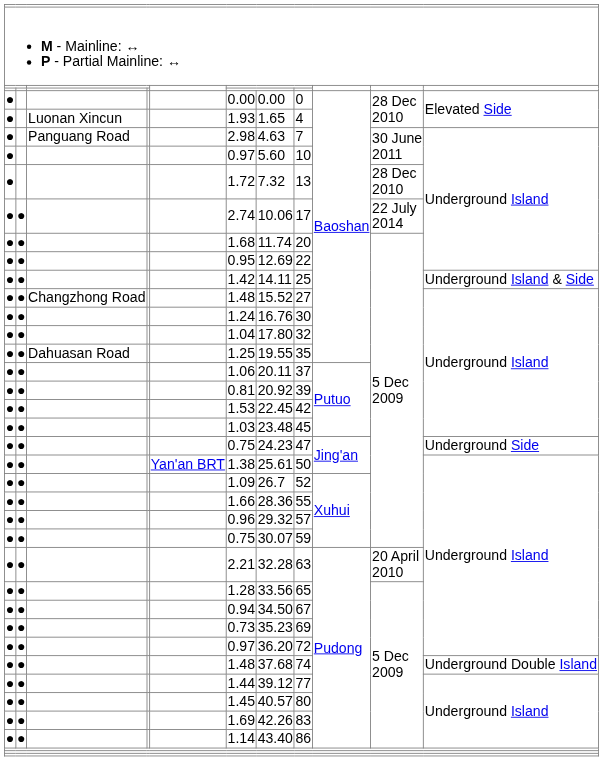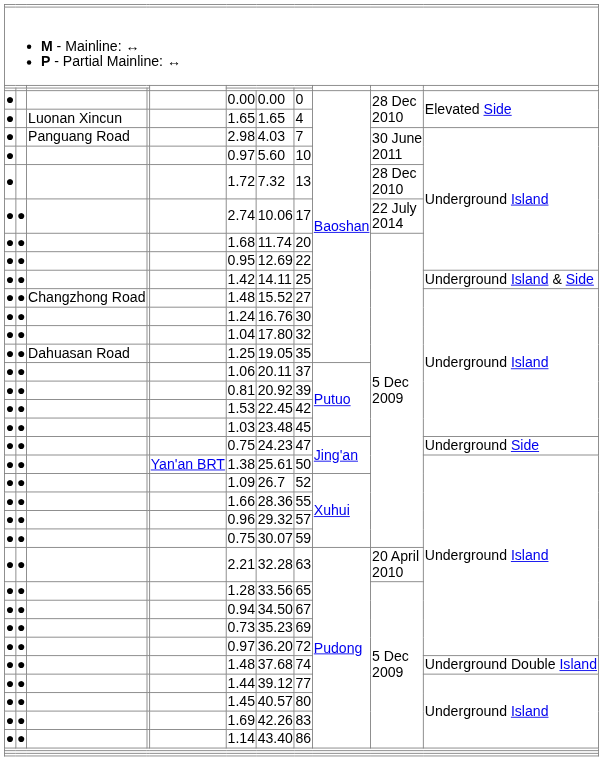 <table border=1 style="border-collapse: collapse;" class="mw-collapsible">
 <tr>
 <th colspan="11" style="text-align: center"></th>
 </tr>
 <tr>
 <td colspan="11" style="text-align: left"><br><ul><li><strong>M</strong> - Mainline:  ↔ </li><li><strong>P</strong> - Partial Mainline:  ↔ </li></ul></td>
 </tr>
 <tr>
 <th rowspan="1" colspan="2"></th>
 <th colspan="2"></th>
 <th rowspan="2"></th>
 <th colspan="3" rowspan="1"></th>
 <th rowspan="2"></th>
 <th rowspan="2"></th>
 <th rowspan="2"></th>
 </tr>
 <tr>
 <th rowspan="1"></th>
 <th rowspan="1"></th>
 <th></th>
 <th></th>
 <th colspan="2"></th>
 <th></th>
 </tr>
 <tr>
 <td align="center">●</td>
 <td align="center"></td>
 <td></td>
 <td></td>
 <td></td>
 <td>0.00</td>
 <td>0.00</td>
 <td>0</td>
 <td rowspan=13><a href='#'>Baoshan</a></td>
 <td rowspan=2>28 Dec<br> 2010</td>
 <td rowspan=2>Elevated <a href='#'>Side</a></td>
 </tr>
 <tr>
 <td align="center">●</td>
 <td align="center"></td>
 <td>Luonan Xincun</td>
 <td></td>
 <td></td>
-<td>1.93</td>
+<td>1.65</td>
 <td>1.65</td>
 <td>4</td>
 </tr>
 <tr>
 <td align="center">●</td>
 <td align="center"></td>
 <td>Panguang Road</td>
 <td></td>
 <td></td>
 <td>2.98</td>
-<td>4.63</td>
+<td>4.03</td>
 <td>7</td>
 <td rowspan=2>30 June<br> 2011</td>
 <td rowspan=6>Underground <a href='#'>Island</a></td>
 </tr>
 <tr>
 <td align="center">●</td>
 <td align="center"></td>
 <td></td>
 <td></td>
 <td></td>
 <td>0.97</td>
 <td>5.60</td>
 <td>10</td>
 </tr>
 <tr>
 <td align="center">●</td>
 <td align="center"></td>
 <td></td>
 <td></td>
 <td></td>
 <td>1.72</td>
 <td>7.32</td>
 <td>13</td>
 <td>28 Dec<br> 2010</td>
 </tr>
 <tr>
 <td align="center">●</td>
 <td align="center">●</td>
 <td></td>
 <td></td>
 <td></td>
 <td>2.74</td>
 <td>10.06</td>
 <td>17</td>
 <td>22 July<br> 2014</td>
 </tr>
 <tr>
 <td align="center">●</td>
 <td align="center">●</td>
 <td></td>
 <td></td>
 <td></td>
 <td>1.68</td>
 <td>11.74</td>
 <td>20</td>
 <td rowspan=17>5 Dec<br> 2009</td>
 </tr>
 <tr>
 <td align="center">●</td>
 <td align="center">●</td>
 <td></td>
 <td></td>
 <td></td>
 <td>0.95</td>
 <td>12.69</td>
 <td>22</td>
 </tr>
 <tr>
 <td align="center">●</td>
 <td align="center">●</td>
 <td></td>
 <td></td>
 <td></td>
 <td>1.42</td>
 <td>14.11</td>
 <td>25</td>
 <td>Underground <a href='#'>Island</a> & <a href='#'>Side</a></td>
 </tr>
 <tr>
 <td align="center">●</td>
 <td align="center">●</td>
 <td>Changzhong Road</td>
 <td></td>
 <td></td>
 <td>1.48</td>
 <td>15.52</td>
 <td>27</td>
 <td rowspan=8>Underground <a href='#'>Island</a></td>
 </tr>
 <tr>
 <td align="center">●</td>
 <td align="center">●</td>
 <td></td>
 <td></td>
 <td></td>
 <td>1.24</td>
 <td>16.76</td>
 <td>30</td>
 </tr>
 <tr>
 <td align="center">●</td>
 <td align="center">●</td>
 <td></td>
 <td></td>
 <td></td>
 <td>1.04</td>
 <td>17.80</td>
 <td>32</td>
 </tr>
 <tr>
 <td align="center">●</td>
 <td align="center">●</td>
 <td>Dahuasan Road</td>
 <td></td>
 <td></td>
 <td>1.25</td>
-<td>19.55</td>
+<td>19.05</td>
 <td>35</td>
 </tr>
 <tr>
 <td align="center">●</td>
 <td align="center">●</td>
 <td></td>
 <td></td>
 <td></td>
 <td>1.06</td>
 <td>20.11</td>
 <td>37</td>
 <td rowspan=4><a href='#'>Putuo</a></td>
 </tr>
 <tr>
 <td align="center">●</td>
 <td align="center">●</td>
 <td></td>
 <td></td>
 <td></td>
 <td>0.81</td>
 <td>20.92</td>
 <td>39</td>
 </tr>
 <tr>
 <td align="center">●</td>
 <td align="center">●</td>
 <td></td>
 <td></td>
 <td> </td>
 <td>1.53</td>
 <td>22.45</td>
 <td>42</td>
 </tr>
 <tr>
 <td align="center">●</td>
 <td align="center">●</td>
 <td></td>
 <td></td>
 <td></td>
 <td>1.03</td>
 <td>23.48</td>
 <td>45</td>
 </tr>
 <tr>
 <td align="center">●</td>
 <td align="center">●</td>
 <td></td>
 <td></td>
 <td></td>
 <td>0.75</td>
 <td>24.23</td>
 <td>47</td>
 <td rowspan=2><a href='#'>Jing'an</a></td>
 <td>Underground <a href='#'>Side</a></td>
 </tr>
 <tr>
 <td align="center">●</td>
 <td align="center">●</td>
 <td></td>
 <td></td>
 <td>   <a href='#'>Yan'an BRT</a></td>
 <td>1.38</td>
 <td>25.61</td>
 <td>50</td>
 <td rowspan=10>Underground <a href='#'>Island</a></td>
 </tr>
 <tr>
 <td align="center">●</td>
 <td align="center">●</td>
 <td></td>
 <td></td>
 <td></td>
 <td>1.09</td>
 <td>26.7</td>
 <td>52</td>
 <td rowspan=4><a href='#'>Xuhui</a></td>
 </tr>
 <tr>
 <td align="center">●</td>
 <td align="center">●</td>
 <td></td>
 <td></td>
 <td></td>
 <td>1.66</td>
 <td>28.36</td>
 <td>55</td>
 </tr>
 <tr>
 <td align="center">●</td>
 <td align="center">●</td>
 <td></td>
 <td></td>
 <td></td>
 <td>0.96</td>
 <td>29.32</td>
 <td>57</td>
 </tr>
 <tr>
 <td align="center">●</td>
 <td align="center">●</td>
 <td></td>
 <td></td>
 <td></td>
 <td>0.75</td>
 <td>30.07</td>
 <td>59</td>
 </tr>
 <tr>
 <td align="center">●</td>
 <td align="center">●</td>
 <td></td>
 <td></td>
 <td></td>
 <td>2.21</td>
 <td>32.28</td>
 <td>63</td>
 <td rowspan=10><a href='#'>Pudong</a></td>
 <td>20 April<br> 2010</td>
 </tr>
 <tr>
 <td align="center">●</td>
 <td align="center">●</td>
 <td></td>
 <td></td>
 <td></td>
 <td>1.28</td>
 <td>33.56</td>
 <td>65</td>
 <td rowspan=9>5 Dec<br> 2009</td>
 </tr>
 <tr>
 <td align="center">●</td>
 <td align="center">●</td>
 <td></td>
 <td></td>
 <td></td>
 <td>0.94</td>
 <td>34.50</td>
 <td>67</td>
 </tr>
 <tr>
 <td align="center">●</td>
 <td align="center">●</td>
 <td></td>
 <td></td>
 <td></td>
 <td>0.73</td>
 <td>35.23</td>
 <td>69</td>
 </tr>
 <tr>
 <td align="center">●</td>
 <td align="center">●</td>
 <td></td>
 <td></td>
 <td></td>
 <td>0.97</td>
 <td>36.20</td>
 <td>72</td>
 </tr>
 <tr>
 <td align="center">●</td>
 <td align="center">●</td>
 <td></td>
 <td></td>
 <td></td>
 <td>1.48</td>
 <td>37.68</td>
 <td>74</td>
 <td>Underground Double <a href='#'>Island</a></td>
 </tr>
 <tr>
 <td align="center">●</td>
 <td align="center">●</td>
 <td></td>
 <td></td>
 <td></td>
 <td>1.44</td>
 <td>39.12</td>
 <td>77</td>
 <td rowspan=4>Underground <a href='#'>Island</a></td>
 </tr>
 <tr>
 <td align="center">●</td>
 <td align="center">●</td>
 <td></td>
 <td></td>
 <td></td>
 <td>1.45</td>
 <td>40.57</td>
 <td>80</td>
 </tr>
 <tr>
 <td align="center">●</td>
 <td align="center">●</td>
 <td></td>
 <td></td>
 <td>   </td>
 <td>1.69</td>
 <td>42.26</td>
 <td>83</td>
 </tr>
 <tr>
 <td align="center">●</td>
 <td align="center">●</td>
 <td></td>
 <td></td>
 <td></td>
 <td>1.14</td>
 <td>43.40</td>
 <td>86</td>
 </tr>
 <tr style="background:#">
 <td colspan = "12"></td>
 </tr>
 <tr>
 <td colspan = "12"></td>
 </tr>
 <tr style="background: #">
 <td colspan = "12"></td>
 </tr>
 </table>
